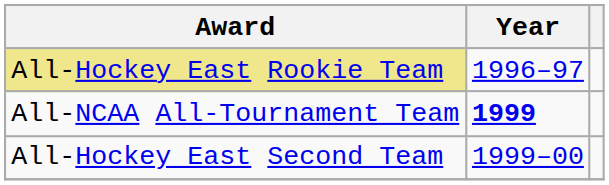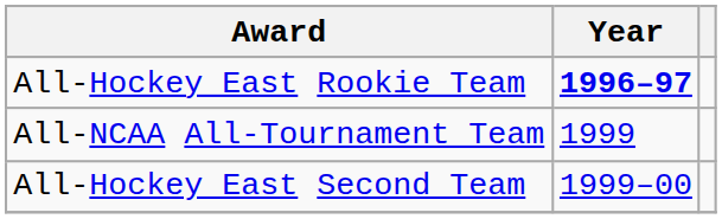 <table class="wikitable">
 <tr>
 <th>Award</th>
 <th>Year</th>
 <th></th>
 </tr>
 <tr>
-<td style="background: khaki;">All-<a href='#'>Hockey East</a> <a href='#'>Rookie Team</a></td>
-<td><a href='#'>1996–97</a></td>
+<td>All-<a href='#'>Hockey East</a> <a href='#'>Rookie Team</a></td>
+<td><strong><a href='#'>1996–97</a></strong></td>
 <td></td>
 </tr>
 <tr>
 <td>All-<a href='#'>NCAA</a> <a href='#'>All-Tournament Team</a></td>
-<td><strong><a href='#'>1999</a></strong></td>
+<td><a href='#'>1999</a></td>
 <td></td>
 </tr>
 <tr>
 <td>All-<a href='#'>Hockey East</a> <a href='#'>Second Team</a></td>
 <td><a href='#'>1999–00</a></td>
 <td></td>
 </tr>
 <tr>
 </tr>
 </table>
